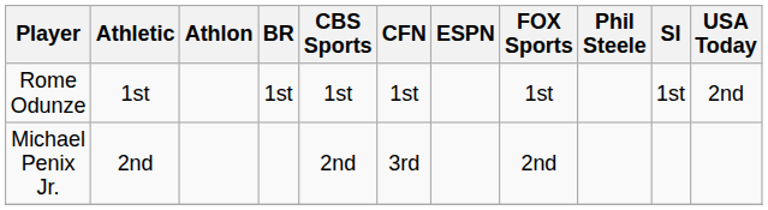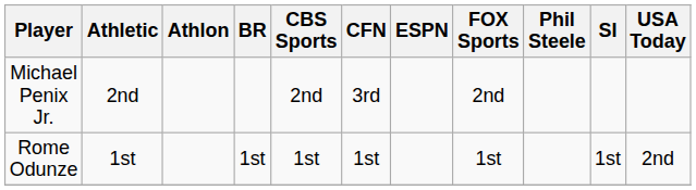 <table class="wikitable" style="width: 90%;text-align: center;">
 <tr>
 <th>Player</th>
 <th>Athletic</th>
 <th>Athlon</th>
 <th>BR</th>
 <th>CBS Sports</th>
 <th>CFN</th>
 <th>ESPN</th>
 <th>FOX Sports</th>
 <th>Phil Steele</th>
 <th>SI</th>
 <th>USA Today</th>
-</tr>
-<tr>
-<td>Rome Odunze</td>
-<td>1st</td>
-<td></td>
-<td>1st</td>
-<td>1st</td>
-<td>1st</td>
-<td></td>
-<td>1st</td>
-<td></td>
-<td>1st</td>
-<td>2nd</td>
 </tr>
 <tr align="center">
 <td>Michael Penix Jr.</td>
 <td>2nd</td>
 <td></td>
 <td></td>
 <td>2nd</td>
 <td>3rd</td>
 <td></td>
 <td>2nd</td>
 <td></td>
 <td></td>
 <td></td>
 </tr>
 <tr>
+<td>Rome Odunze</td>
+<td>1st</td>
+<td></td>
+<td>1st</td>
+<td>1st</td>
+<td>1st</td>
+<td></td>
+<td>1st</td>
+<td></td>
+<td>1st</td>
+<td>2nd</td>
+</tr>
+<tr>
 </tr>
 </table>
